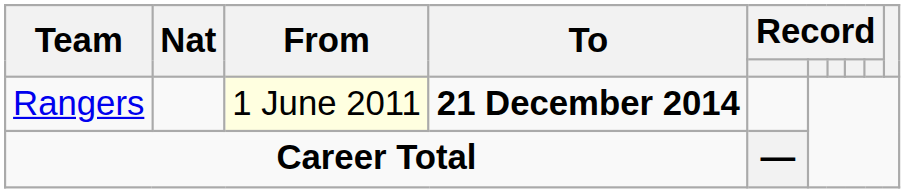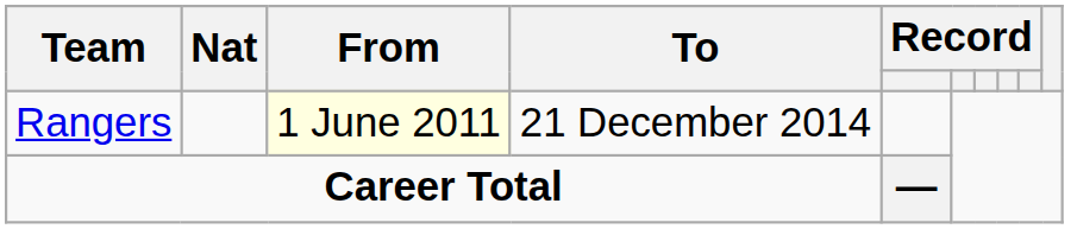 <table class="wikitable" style="text-align: center">
 <tr>
 <th rowspan="2">Team</th>
 <th rowspan="2">Nat</th>
 <th rowspan="2">From</th>
 <th rowspan="2">To</th>
 <th colspan="5">Record</th>
 <th rowspan=2></th>
 </tr>
 <tr>
 <th></th>
 <th></th>
 <th></th>
 <th></th>
 <th></th>
 </tr>
 <tr>
 <td align="left"><a href='#'>Rangers</a></td>
 <td align="center"></td>
 <td align="center" style="background: lightyellow;">1 June 2011</td>
-<td align="center"><strong>21 December 2014<br></strong></td>
+<td align="center">21 December 2014<br></td>
 <td></td>
 </tr>
 <tr>
 <td colspan=4><strong>Career Total</strong><br></td>
 <th>—</th>
 </tr>
 </table>
